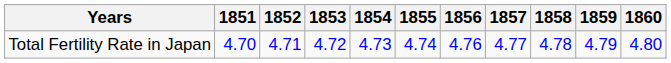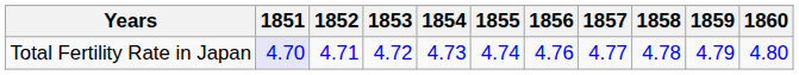 <table class="wikitable " style="text-align:right">
 <tr>
 <th>Years</th>
 <th>1851</th>
 <th>1852</th>
 <th>1853</th>
 <th>1854</th>
 <th>1855</th>
 <th>1856</th>
 <th>1857</th>
 <th>1858</th>
 <th>1859</th>
 <th>1860</th>
 </tr>
 <tr>
 <td align="left">Total Fertility Rate in Japan</td>
-<td style="text-align:right; color:blue;">4.70</td>
+<td style="background: lavender; text-align:right; color:blue;">4.70</td>
 <td style="text-align:right; color:blue;">4.71</td>
 <td style="text-align:right; color:blue;">4.72</td>
 <td style="text-align:right; color:blue;">4.73</td>
 <td style="text-align:right; color:blue;">4.74</td>
 <td style="text-align:right; color:blue;">4.76</td>
 <td style="text-align:right; color:blue;">4.77</td>
 <td style="text-align:right; color:blue;">4.78</td>
 <td style="text-align:right; color:blue;">4.79</td>
 <td style="text-align:right; color:blue;">4.80</td>
 </tr>
 </table>
